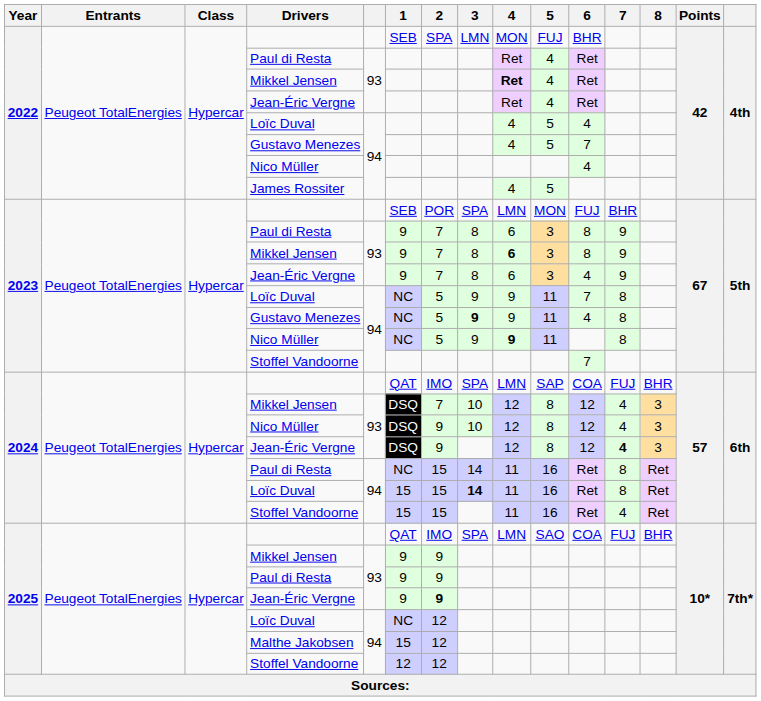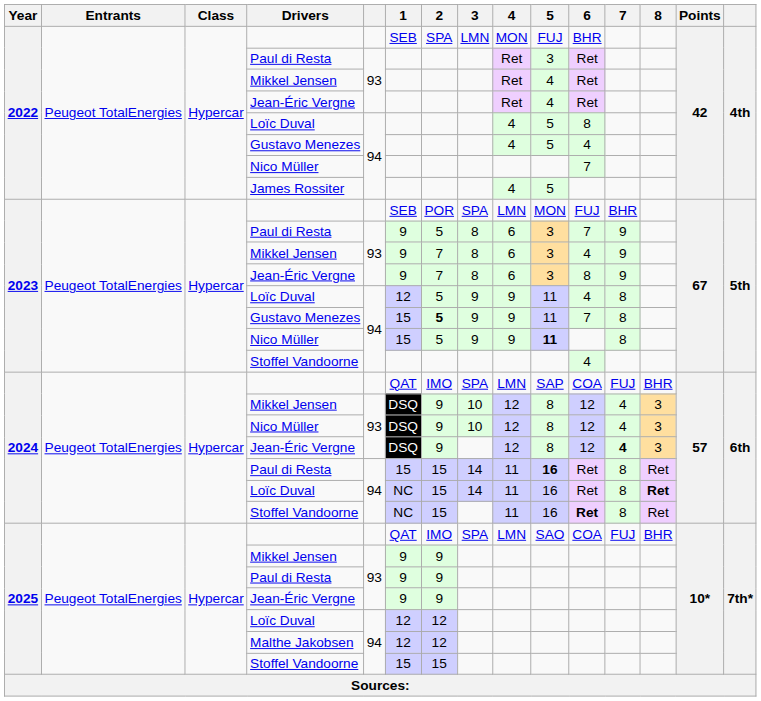 <table class="wikitable" style="text-align:center; font-size:90%">
 <tr>
 <th>Year</th>
 <th>Entrants</th>
 <th>Class</th>
 <th>Drivers</th>
 <th></th>
 <th>1</th>
 <th>2</th>
 <th>3</th>
 <th>4</th>
 <th>5</th>
 <th>6</th>
 <th>7</th>
 <th>8</th>
 <th>Points</th>
 <th></th>
 </tr>
 <tr>
 <th rowspan="8"><a href='#'>2022</a></th>
 <td rowspan="8"><a href='#'>Peugeot TotalEnergies</a></td>
 <td rowspan="8"><a href='#'>Hypercar</a></td>
 <td></td>
 <td></td>
 <td><a href='#'>SEB</a></td>
 <td><a href='#'>SPA</a></td>
 <td><a href='#'>LMN</a></td>
 <td><a href='#'>MON</a></td>
 <td><a href='#'>FUJ</a></td>
 <td><a href='#'>BHR</a></td>
 <td></td>
 <td></td>
 <th rowspan="8">42</th>
 <th rowspan="8">4th</th>
 </tr>
 <tr>
 <td align="left"> <a href='#'>Paul di Resta</a></td>
 <td rowspan="3">93</td>
 <td></td>
 <td></td>
 <td></td>
 <td style="background:#efcfff;”">Ret</td>
-<td style="background:#dfffdf;”">4</td>
+<td style="background:#dfffdf;”">3</td>
 <td style="background:#efcfff;”">Ret</td>
 <td></td>
 <td></td>
 </tr>
 <tr>
 <td align="left"> <a href='#'>Mikkel Jensen</a></td>
 <td></td>
 <td></td>
 <td></td>
-<td style="background:#efcfff;”"><strong>Ret</strong></td>
+<td style="background:#efcfff;”">Ret</td>
 <td style="background:#dfffdf;”">4</td>
 <td style="background:#efcfff;”">Ret</td>
 <td></td>
 <td></td>
 </tr>
 <tr>
 <td align="left"> <a href='#'>Jean-Éric Vergne</a></td>
 <td></td>
 <td></td>
 <td></td>
 <td style="background:#efcfff;”">Ret</td>
 <td style="background:#dfffdf;”">4</td>
 <td style="background:#efcfff;”">Ret</td>
 <td></td>
 <td></td>
 </tr>
 <tr>
 <td align="left"> <a href='#'>Loïc Duval</a></td>
 <td rowspan="4">94</td>
 <td></td>
 <td></td>
 <td></td>
 <td style="background:#dfffdf;”">4</td>
 <td style="background:#dfffdf;”">5</td>
-<td style="background:#dfffdf;”">4</td>
+<td style="background:#dfffdf;”">8</td>
 <td></td>
 <td></td>
 </tr>
 <tr>
 <td align="left"> <a href='#'>Gustavo Menezes</a></td>
 <td></td>
 <td></td>
 <td></td>
 <td style="background:#dfffdf;”">4</td>
 <td style="background:#dfffdf;”">5</td>
-<td style="background:#dfffdf;”">7</td>
+<td style="background:#dfffdf;”">4</td>
 <td></td>
 <td></td>
 </tr>
 <tr>
 <td align="left"> <a href='#'>Nico Müller</a></td>
 <td></td>
 <td></td>
 <td></td>
 <td></td>
 <td></td>
-<td style="background:#dfffdf;”">4</td>
+<td style="background:#dfffdf;”">7</td>
 <td></td>
 <td></td>
 </tr>
 <tr>
 <td align="left"> <a href='#'>James Rossiter</a></td>
 <td></td>
 <td></td>
 <td></td>
 <td style="background:#dfffdf;”">4</td>
 <td style="background:#dfffdf;”">5</td>
 <td></td>
 <td></td>
 <td></td>
 </tr>
 <tr>
 <th rowspan="8"><a href='#'>2023</a></th>
 <td rowspan="8"><a href='#'>Peugeot TotalEnergies</a></td>
 <td rowspan="8"><a href='#'>Hypercar</a></td>
 <td></td>
 <td></td>
 <td><a href='#'>SEB</a></td>
 <td><a href='#'>POR</a></td>
 <td><a href='#'>SPA</a></td>
 <td><a href='#'>LMN</a></td>
 <td><a href='#'>MON</a></td>
 <td><a href='#'>FUJ</a></td>
 <td><a href='#'>BHR</a></td>
 <td></td>
 <th rowspan="8">67</th>
 <th rowspan="8">5th</th>
 </tr>
 <tr>
 <td align="left"> <a href='#'>Paul di Resta</a></td>
 <td rowspan="3">93</td>
 <td style="background:#dfffdf;”">9</td>
-<td style="background:#dfffdf;”">7</td>
+<td style="background:#dfffdf;”">5</td>
 <td style="background:#dfffdf;”">8</td>
 <td style="background:#dfffdf;”">6</td>
 <td style="background:#ffdf9f;”">3</td>
-<td style="background:#dfffdf;”">8</td>
+<td style="background:#dfffdf;”">7</td>
 <td style="background:#dfffdf;”">9</td>
 <td></td>
 </tr>
 <tr>
 <td align="left" style="border-left:0px"> <a href='#'>Mikkel Jensen</a></td>
 <td style="background:#dfffdf;”">9</td>
 <td style="background:#dfffdf;”">7</td>
 <td style="background:#dfffdf;”">8</td>
-<td style="background:#dfffdf;”"><strong>6</strong></td>
+<td style="background:#dfffdf;”">6</td>
 <td style="background:#ffdf9f;”">3</td>
-<td style="background:#dfffdf;”">8</td>
+<td style="background:#dfffdf;”">4</td>
 <td style="background:#dfffdf;”">9</td>
 <td></td>
 </tr>
 <tr>
 <td align="left" style="border-left:0px"> <a href='#'>Jean-Éric Vergne</a></td>
 <td style="background:#dfffdf;”">9</td>
 <td style="background:#dfffdf;”">7</td>
 <td style="background:#dfffdf;”">8</td>
 <td style="background:#dfffdf;”">6</td>
 <td style="background:#ffdf9f;”">3</td>
-<td style="background:#dfffdf;”">4</td>
+<td style="background:#dfffdf;”">8</td>
 <td style="background:#dfffdf;”">9</td>
 <td></td>
 </tr>
 <tr>
 <td align="left"> <a href='#'>Loïc Duval</a></td>
 <td rowspan="4">94</td>
-<td style="background:#cfcfff;”">NC</td>
+<td style="background:#CFCFFF;”">12</td>
 <td style="background:#dfffdf;”">5</td>
+<td style="background:#dfffdf;”">9</td>
+<td style="background:#dfffdf;”">9</td>
+<td style="background:#cfcfff;”">11</td>
+<td style="background:#dfffdf;”">4</td>
+<td style="background:#dfffdf;”">8</td>
+<td></td>
+</tr>
+<tr>
+<td align="left"> <a href='#'>Gustavo Menezes</a></td>
+<td style="background:#CFCFFF;”">15</td>
+<td style="background:#dfffdf;”"><strong>5</strong></td>
 <td style="background:#dfffdf;”">9</td>
 <td style="background:#dfffdf;”">9</td>
 <td style="background:#cfcfff;”">11</td>
 <td style="background:#dfffdf;”">7</td>
 <td style="background:#dfffdf;”">8</td>
 <td></td>
 </tr>
 <tr>
-<td align="left"> <a href='#'>Gustavo Menezes</a></td>
-<td style="background:#cfcfff;”">NC</td>
-<td style="background:#dfffdf;”">5</td>
-<td style="background:#dfffdf;”"><strong>9</strong></td>
-<td style="background:#dfffdf;”">9</td>
-<td style="background:#cfcfff;”">11</td>
-<td style="background:#dfffdf;”">4</td>
-<td style="background:#dfffdf;”">8</td>
-<td></td>
-</tr>
-<tr>
 <td align="left"> <a href='#'>Nico Müller</a></td>
-<td style="background:#cfcfff;”">NC</td>
+<td style="background:#CFCFFF;”">15</td>
 <td style="background:#dfffdf;”">5</td>
 <td style="background:#dfffdf;”">9</td>
-<td style="background:#dfffdf;”"><strong>9</strong></td>
-<td style="background:#cfcfff;”">11</td>
+<td style="background:#dfffdf;”">9</td>
+<td style="background:#cfcfff;”"><strong>11</strong></td>
 <td></td>
 <td style="background:#dfffdf;”">8</td>
 <td></td>
 </tr>
 <tr>
 <td align="left"> <a href='#'>Stoffel Vandoorne</a></td>
 <td></td>
 <td></td>
 <td></td>
 <td></td>
 <td></td>
-<td style="background:#dfffdf;”">7</td>
+<td style="background:#dfffdf;”">4</td>
 <td></td>
 <td></td>
 </tr>
 <tr>
 <th rowspan="7"><a href='#'>2024</a></th>
 <td rowspan="7"><a href='#'>Peugeot TotalEnergies</a></td>
 <td rowspan="7"><a href='#'>Hypercar</a></td>
 <td></td>
 <td></td>
 <td><a href='#'>QAT</a></td>
 <td><a href='#'>IMO</a></td>
 <td><a href='#'>SPA</a></td>
 <td><a href='#'>LMN</a></td>
 <td><a href='#'>SAP</a></td>
 <td><a href='#'>COA</a></td>
 <td><a href='#'>FUJ</a></td>
 <td><a href='#'>BHR</a></td>
 <th rowspan="7">57</th>
 <th rowspan="7">6th</th>
 </tr>
 <tr>
 <td align="left"> <a href='#'>Mikkel Jensen</a></td>
 <td rowspan="3">93</td>
 <td style="background-color:#000000;color:white">DSQ</td>
-<td style="background:#dfffdf;”">7</td>
+<td style="background:#dfffdf;”">9</td>
 <td style="background:#dfffdf;”">10</td>
 <td style="background:#CFCFFF;”">12</td>
 <td style="background:#dfffdf;">8</td>
 <td style="background:#CFCFFF;”">12</td>
 <td style="background:#dfffdf;”">4</td>
 <td style="background:#ffdf9f;”">3</td>
 </tr>
 <tr>
 <td align="left"> <a href='#'>Nico Müller</a></td>
 <td style="background-color:#000000;color:white">DSQ</td>
 <td style="background:#dfffdf;”">9</td>
 <td style="background:#dfffdf;”">10</td>
 <td style="background:#CFCFFF;”">12</td>
 <td style="background:#dfffdf;">8</td>
 <td style="background:#CFCFFF;”">12</td>
 <td style="background:#dfffdf;”">4</td>
 <td style="background:#ffdf9f;”">3</td>
 </tr>
 <tr>
 <td align="left"> <a href='#'>Jean-Éric Vergne</a></td>
 <td style="background-color:#000000;color:white">DSQ</td>
 <td style="background:#dfffdf;”">9</td>
 <td></td>
 <td style="background:#CFCFFF;”">12</td>
 <td style="background:#dfffdf;">8</td>
 <td style="background:#CFCFFF;”">12</td>
 <td style="background:#dfffdf;”"><strong>4</strong></td>
 <td style="background:#ffdf9f;”">3</td>
 </tr>
 <tr>
 <td align="left"> <a href='#'>Paul di Resta</a></td>
 <td rowspan="3">94</td>
+<td style="background:#CFCFFF;”">15</td>
+<td style="background:#CFCFFF;”">15</td>
+<td style="background:#CFCFFF;”">14</td>
+<td style="background:#CFCFFF;”">11</td>
+<td style="background:#cfcfff;"><strong>16</strong></td>
+<td style="background:#EFCFFF;">Ret</td>
+<td style="background:#dfffdf;”">8</td>
+<td style="background:#efcfff;">Ret</td>
+</tr>
+<tr>
+<td align="left"> <a href='#'>Loïc Duval</a></td>
 <td style="background:#cfcfff;”">NC</td>
 <td style="background:#CFCFFF;”">15</td>
 <td style="background:#CFCFFF;”">14</td>
 <td style="background:#CFCFFF;”">11</td>
 <td style="background:#cfcfff;">16</td>
 <td style="background:#EFCFFF;">Ret</td>
 <td style="background:#dfffdf;”">8</td>
-<td style="background:#efcfff;">Ret</td>
-</tr>
-<tr>
-<td align="left"> <a href='#'>Loïc Duval</a></td>
-<td style="background:#CFCFFF;”">15</td>
-<td style="background:#CFCFFF;”">15</td>
-<td style="background:#CFCFFF;”"><strong>14</strong></td>
-<td style="background:#CFCFFF;”">11</td>
-<td style="background:#cfcfff;">16</td>
-<td style="background:#EFCFFF;">Ret</td>
-<td style="background:#dfffdf;”">8</td>
-<td style="background:#efcfff;">Ret</td>
+<td style="background:#efcfff;"><strong>Ret</strong></td>
 </tr>
 <tr>
 <td align="left"> <a href='#'>Stoffel Vandoorne</a></td>
-<td style="background:#CFCFFF;”">15</td>
+<td style="background:#cfcfff;”">NC</td>
 <td style="background:#CFCFFF;”">15</td>
 <td></td>
 <td style="background:#CFCFFF;”">11</td>
 <td style="background:#cfcfff;">16</td>
-<td style="background:#EFCFFF;">Ret</td>
-<td style="background:#dfffdf;”">4</td>
+<td style="background:#EFCFFF;"><strong>Ret</strong></td>
+<td style="background:#dfffdf;”">8</td>
 <td style="background:#efcfff;">Ret</td>
 </tr>
 <tr>
 <th rowspan="7"><a href='#'>2025</a></th>
 <td rowspan="7"><a href='#'>Peugeot TotalEnergies</a></td>
 <td rowspan="7"><a href='#'>Hypercar</a></td>
 <td></td>
 <td></td>
 <td><a href='#'>QAT</a></td>
 <td><a href='#'>IMO</a></td>
 <td><a href='#'>SPA</a></td>
 <td><a href='#'>LMN</a></td>
 <td><a href='#'>SAO</a></td>
 <td><a href='#'>COA</a></td>
 <td><a href='#'>FUJ</a></td>
 <td><a href='#'>BHR</a></td>
 <th rowspan="7">10*</th>
 <th rowspan="7">7th*</th>
 </tr>
 <tr>
 <td align="left"> <a href='#'>Mikkel Jensen</a></td>
 <td rowspan="3">93</td>
 <td style="background:#dfffdf;”">9</td>
 <td style="background:#dfffdf;”">9</td>
 <td></td>
 <td></td>
 <td></td>
 <td></td>
 <td></td>
 <td></td>
 </tr>
 <tr>
 <td align="left"> <a href='#'>Paul di Resta</a></td>
 <td style="background:#dfffdf;”">9</td>
 <td style="background:#dfffdf;”">9</td>
 <td></td>
 <td></td>
 <td></td>
 <td></td>
 <td></td>
 <td></td>
 </tr>
 <tr>
 <td align="left"> <a href='#'>Jean-Éric Vergne</a></td>
 <td style="background:#dfffdf;”">9</td>
-<td style="background:#dfffdf;”"><strong>9</strong></td>
+<td style="background:#dfffdf;”">9</td>
 <td></td>
 <td></td>
 <td></td>
 <td></td>
 <td></td>
 <td></td>
 </tr>
 <tr>
 <td align="left"> <a href='#'>Loïc Duval</a></td>
 <td rowspan="3">94</td>
-<td style="background:#cfcfff;”">NC</td>
+<td style="background:#CFCFFF;”">12</td>
 <td style="background:#CFCFFF;”">12</td>
 <td></td>
 <td></td>
 <td></td>
 <td></td>
 <td></td>
 <td></td>
 </tr>
 <tr>
 <td align="left"> <a href='#'>Malthe Jakobsen</a></td>
-<td style="background:#CFCFFF;”">15</td>
+<td style="background:#CFCFFF;”">12</td>
 <td style="background:#CFCFFF;”">12</td>
 <td></td>
 <td></td>
 <td></td>
 <td></td>
 <td></td>
 <td></td>
 </tr>
 <tr>
 <td align="left"> <a href='#'>Stoffel Vandoorne</a></td>
-<td style="background:#CFCFFF;”">12</td>
-<td style="background:#CFCFFF;”">12</td>
+<td style="background:#CFCFFF;”">15</td>
+<td style="background:#CFCFFF;”">15</td>
 <td></td>
 <td></td>
 <td></td>
 <td></td>
 <td></td>
 <td></td>
 </tr>
 <tr>
 <th colspan="15">Sources:</th>
 </tr>
 </table>
